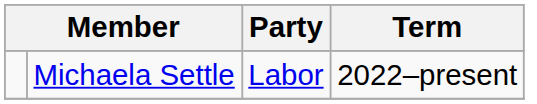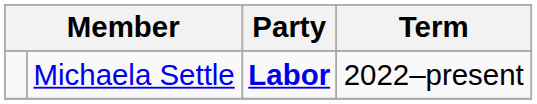 <table class="wikitable">
 <tr>
 <th colspan="2">Member</th>
 <th>Party</th>
 <th>Term</th>
 </tr>
 <tr>
 <td> </td>
 <td><a href='#'>Michaela Settle</a></td>
-<td><a href='#'>Labor</a></td>
+<td><strong><a href='#'>Labor</a></strong></td>
 <td>2022–present</td>
 </tr>
 <tr>
 </tr>
 </table>
